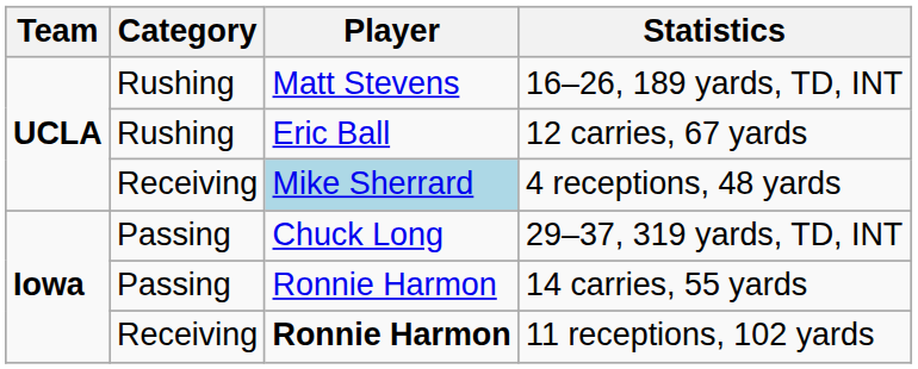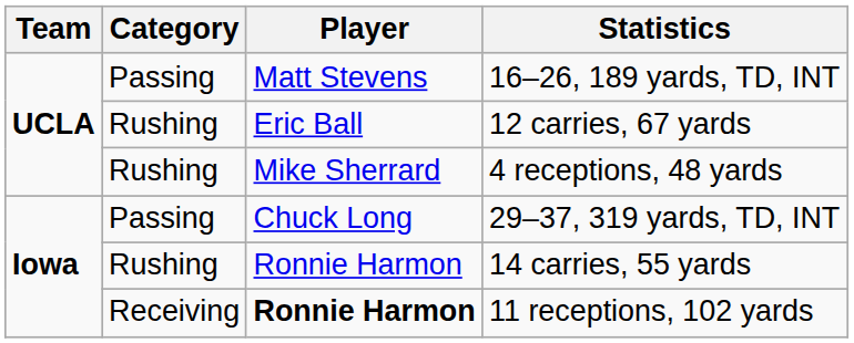 <table class="wikitable" style="float: left;">
 <tr>
 <th>Team</th>
 <th>Category</th>
 <th>Player</th>
 <th>Statistics</th>
 </tr>
 <tr>
 <td rowspan=3><strong>UCLA</strong></td>
-<td>Rushing</td>
+<td>Passing</td>
 <td><a href='#'>Matt Stevens</a></td>
 <td>16–26, 189 yards, TD, INT</td>
 </tr>
 <tr>
 <td>Rushing</td>
 <td><a href='#'>Eric Ball</a></td>
 <td>12 carries, 67 yards</td>
 </tr>
 <tr>
-<td>Receiving</td>
-<td style="background: lightblue;"><a href='#'>Mike Sherrard</a></td>
+<td>Rushing</td>
+<td><a href='#'>Mike Sherrard</a></td>
 <td>4 receptions, 48 yards</td>
 </tr>
 <tr>
 <td rowspan=3><strong>Iowa</strong></td>
 <td>Passing</td>
 <td><a href='#'>Chuck Long</a></td>
 <td>29–37, 319 yards, TD, INT</td>
 </tr>
 <tr>
-<td>Passing</td>
+<td>Rushing</td>
 <td><a href='#'>Ronnie Harmon</a></td>
 <td>14 carries, 55 yards</td>
 </tr>
 <tr>
 <td>Receiving</td>
 <td><strong>Ronnie Harmon</strong></td>
 <td>11 receptions, 102 yards</td>
 </tr>
 </table>
